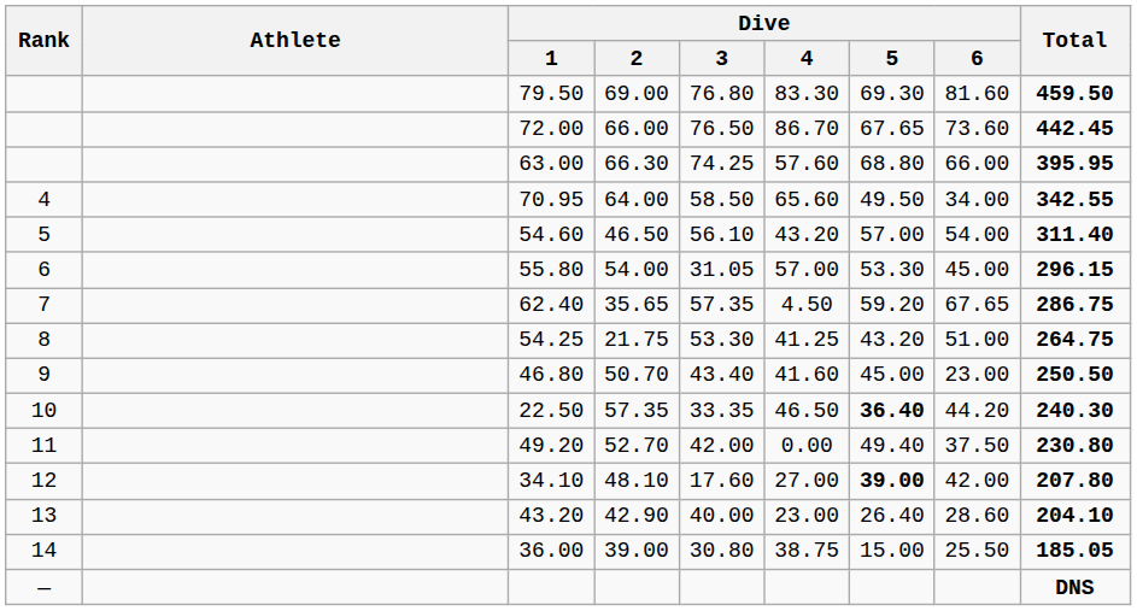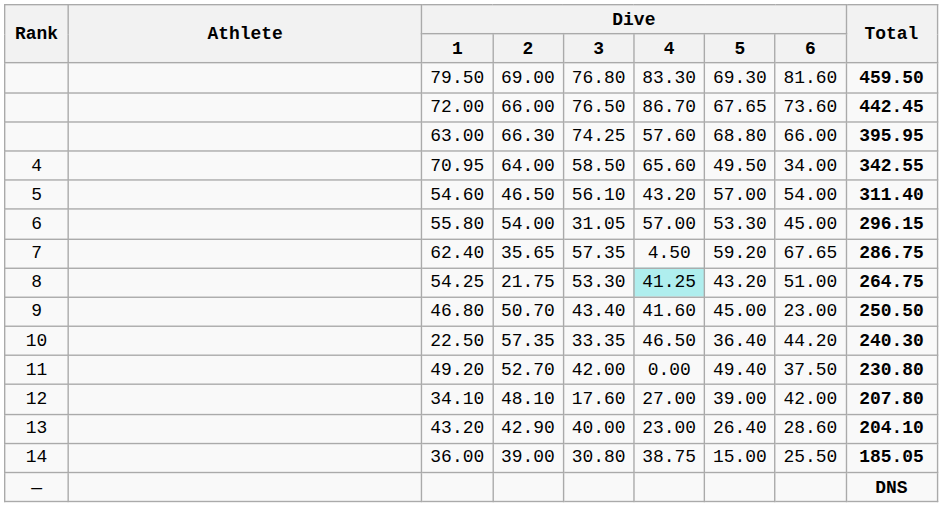 <table class=wikitable style="text-align:center">
 <tr>
 <th rowspan="2" width=40>Rank</th>
 <th rowspan="2" width=250>Athlete</th>
 <th colspan="6">Dive</th>
 <th rowspan="2" width=60>Total</th>
 </tr>
 <tr>
 <th width=45>1</th>
 <th width=45>2</th>
 <th width=45>3</th>
 <th width=45>4</th>
 <th width=45>5</th>
 <th width=45>6</th>
 </tr>
 <tr>
 <td></td>
 <td align=left></td>
 <td>79.50</td>
 <td>69.00</td>
 <td>76.80</td>
 <td>83.30</td>
 <td>69.30</td>
 <td>81.60</td>
 <td><strong>459.50</strong></td>
 </tr>
 <tr>
 <td></td>
 <td align=left></td>
 <td>72.00</td>
 <td>66.00</td>
 <td>76.50</td>
 <td>86.70</td>
 <td>67.65</td>
 <td>73.60</td>
 <td><strong>442.45</strong></td>
 </tr>
 <tr>
 <td></td>
 <td align=left></td>
 <td>63.00</td>
 <td>66.30</td>
 <td>74.25</td>
 <td>57.60</td>
 <td>68.80</td>
 <td>66.00</td>
 <td><strong>395.95</strong></td>
 </tr>
 <tr>
 <td>4</td>
 <td align=left></td>
 <td>70.95</td>
 <td>64.00</td>
 <td>58.50</td>
 <td>65.60</td>
 <td>49.50</td>
 <td>34.00</td>
 <td><strong>342.55</strong></td>
 </tr>
 <tr>
 <td>5</td>
 <td align=left></td>
 <td>54.60</td>
 <td>46.50</td>
 <td>56.10</td>
 <td>43.20</td>
 <td>57.00</td>
 <td>54.00</td>
 <td><strong>311.40</strong></td>
 </tr>
 <tr>
 <td>6</td>
 <td align=left></td>
 <td>55.80</td>
 <td>54.00</td>
 <td>31.05</td>
 <td>57.00</td>
 <td>53.30</td>
 <td>45.00</td>
 <td><strong>296.15</strong></td>
 </tr>
 <tr>
 <td>7</td>
 <td align=left></td>
 <td>62.40</td>
 <td>35.65</td>
 <td>57.35</td>
 <td>4.50</td>
 <td>59.20</td>
 <td>67.65</td>
 <td><strong>286.75</strong></td>
 </tr>
 <tr>
 <td>8</td>
 <td align=left></td>
 <td>54.25</td>
 <td>21.75</td>
 <td>53.30</td>
-<td>41.25</td>
+<td style="background: paleturquoise;">41.25</td>
 <td>43.20</td>
 <td>51.00</td>
 <td><strong>264.75</strong></td>
 </tr>
 <tr>
 <td>9</td>
 <td align=left></td>
 <td>46.80</td>
 <td>50.70</td>
 <td>43.40</td>
 <td>41.60</td>
 <td>45.00</td>
 <td>23.00</td>
 <td><strong>250.50</strong></td>
 </tr>
 <tr>
 <td>10</td>
 <td align=left></td>
 <td>22.50</td>
 <td>57.35</td>
 <td>33.35</td>
 <td>46.50</td>
-<td><strong>36.40</strong></td>
+<td>36.40</td>
 <td>44.20</td>
 <td><strong>240.30</strong></td>
 </tr>
 <tr>
 <td>11</td>
 <td align=left></td>
 <td>49.20</td>
 <td>52.70</td>
 <td>42.00</td>
 <td>0.00</td>
 <td>49.40</td>
 <td>37.50</td>
 <td><strong>230.80</strong></td>
 </tr>
 <tr>
 <td>12</td>
 <td align=left></td>
 <td>34.10</td>
 <td>48.10</td>
 <td>17.60</td>
 <td>27.00</td>
-<td><strong>39.00</strong></td>
+<td>39.00</td>
 <td>42.00</td>
 <td><strong>207.80</strong></td>
 </tr>
 <tr>
 <td>13</td>
 <td align=left></td>
 <td>43.20</td>
 <td>42.90</td>
 <td>40.00</td>
 <td>23.00</td>
 <td>26.40</td>
 <td>28.60</td>
 <td><strong>204.10</strong></td>
 </tr>
 <tr>
 <td>14</td>
 <td align=left></td>
 <td>36.00</td>
 <td>39.00</td>
 <td>30.80</td>
 <td>38.75</td>
 <td>15.00</td>
 <td>25.50</td>
 <td><strong>185.05</strong></td>
 </tr>
 <tr>
 <td>—</td>
 <td align=left></td>
 <td></td>
 <td></td>
 <td></td>
 <td></td>
 <td></td>
 <td></td>
 <td><strong>DNS</strong></td>
 </tr>
 </table>
